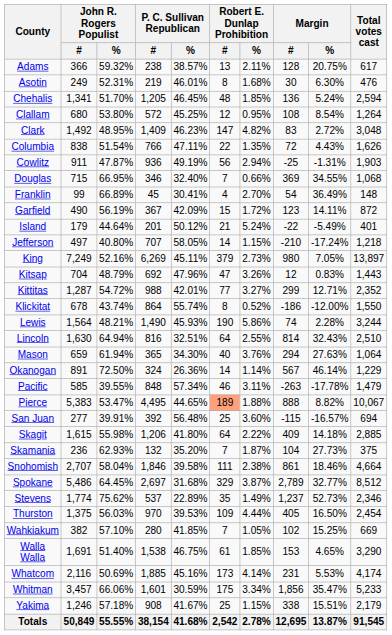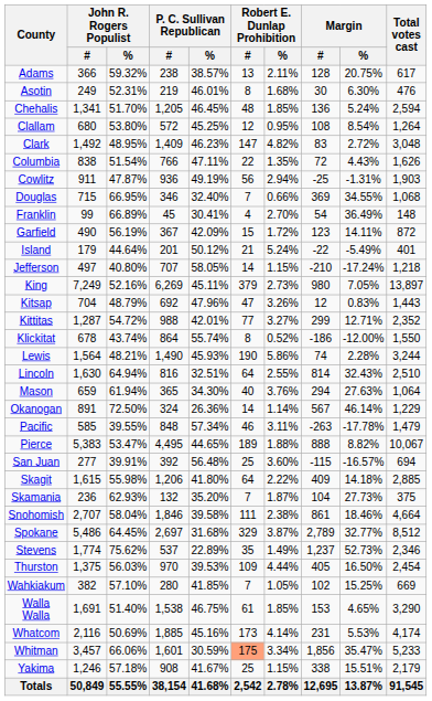 <table class="wikitable sortable">
 <tr>
 <th style="text-align:center;" rowspan="2">County</th>
 <th style="text-align:center;" colspan="2">John R. Rogers<br>Populist</th>
 <th style="text-align:center;" colspan="2">P. C. Sullivan<br>Republican</th>
 <th style="text-align:center;" colspan="2">Robert E. Dunlap<br>Prohibition</th>
 <th style="text-align:center;" colspan="2">Margin</th>
 <th style="text-align:center;" rowspan="2">Total votes cast</th>
 </tr>
 <tr bgcolor="lightgrey">
 <th style="text-align:center;" data-sort-type="number">#</th>
 <th style="text-align:center;" data-sort-type="number">%</th>
 <th style="text-align:center;" data-sort-type="number">#</th>
 <th style="text-align:center;" data-sort-type="number">%</th>
 <th style="text-align:center;" data-sort-type="number">#</th>
 <th style="text-align:center;" data-sort-type="number">%</th>
 <th style="text-align:center;" data-sort-type="number">#</th>
 <th style="text-align:center;" data-sort-type="number">%</th>
 </tr>
 <tr style="text-align:center;">
 <td><a href='#'>Adams</a></td>
 <td>366</td>
 <td>59.32%</td>
 <td>238</td>
 <td>38.57%</td>
 <td>13</td>
 <td>2.11%</td>
 <td>128</td>
 <td>20.75%</td>
 <td>617</td>
 </tr>
 <tr style="text-align:center;">
 <td><a href='#'>Asotin</a></td>
 <td>249</td>
 <td>52.31%</td>
 <td>219</td>
 <td>46.01%</td>
 <td>8</td>
 <td>1.68%</td>
 <td>30</td>
 <td>6.30%</td>
 <td>476</td>
 </tr>
 <tr style="text-align:center;">
 <td><a href='#'>Chehalis</a></td>
 <td>1,341</td>
 <td>51.70%</td>
 <td>1,205</td>
 <td>46.45%</td>
 <td>48</td>
 <td>1.85%</td>
 <td>136</td>
 <td>5.24%</td>
 <td>2,594</td>
 </tr>
 <tr style="text-align:center;">
 <td><a href='#'>Clallam</a></td>
 <td>680</td>
 <td>53.80%</td>
 <td>572</td>
 <td>45.25%</td>
 <td>12</td>
 <td>0.95%</td>
 <td>108</td>
 <td>8.54%</td>
 <td>1,264</td>
 </tr>
 <tr style="text-align:center;">
 <td><a href='#'>Clark</a></td>
 <td>1,492</td>
 <td>48.95%</td>
 <td>1,409</td>
 <td>46.23%</td>
 <td>147</td>
 <td>4.82%</td>
 <td>83</td>
 <td>2.72%</td>
 <td>3,048</td>
 </tr>
 <tr style="text-align:center;">
 <td><a href='#'>Columbia</a></td>
 <td>838</td>
 <td>51.54%</td>
 <td>766</td>
 <td>47.11%</td>
 <td>22</td>
 <td>1.35%</td>
 <td>72</td>
 <td>4.43%</td>
 <td>1,626</td>
 </tr>
 <tr style="text-align:center;">
 <td><a href='#'>Cowlitz</a></td>
 <td>911</td>
 <td>47.87%</td>
 <td>936</td>
 <td>49.19%</td>
 <td>56</td>
 <td>2.94%</td>
 <td>-25</td>
 <td>-1.31%</td>
 <td>1,903</td>
 </tr>
 <tr style="text-align:center;">
 <td><a href='#'>Douglas</a></td>
 <td>715</td>
 <td>66.95%</td>
 <td>346</td>
 <td>32.40%</td>
 <td>7</td>
 <td>0.66%</td>
 <td>369</td>
 <td>34.55%</td>
 <td>1,068</td>
 </tr>
 <tr style="text-align:center;">
 <td><a href='#'>Franklin</a></td>
 <td>99</td>
 <td>66.89%</td>
 <td>45</td>
 <td>30.41%</td>
 <td>4</td>
 <td>2.70%</td>
 <td>54</td>
 <td>36.49%</td>
 <td>148</td>
 </tr>
 <tr style="text-align:center;">
 <td><a href='#'>Garfield</a></td>
 <td>490</td>
 <td>56.19%</td>
 <td>367</td>
 <td>42.09%</td>
 <td>15</td>
 <td>1.72%</td>
 <td>123</td>
 <td>14.11%</td>
 <td>872</td>
 </tr>
 <tr style="text-align:center;">
 <td><a href='#'>Island</a></td>
 <td>179</td>
 <td>44.64%</td>
 <td>201</td>
 <td>50.12%</td>
 <td>21</td>
 <td>5.24%</td>
 <td>-22</td>
 <td>-5.49%</td>
 <td>401</td>
 </tr>
 <tr style="text-align:center;">
 <td><a href='#'>Jefferson</a></td>
 <td>497</td>
 <td>40.80%</td>
 <td>707</td>
 <td>58.05%</td>
 <td>14</td>
 <td>1.15%</td>
 <td>-210</td>
 <td>-17.24%</td>
 <td>1,218</td>
 </tr>
 <tr style="text-align:center;">
 <td><a href='#'>King</a></td>
 <td>7,249</td>
 <td>52.16%</td>
 <td>6,269</td>
 <td>45.11%</td>
 <td>379</td>
 <td>2.73%</td>
 <td>980</td>
 <td>7.05%</td>
 <td>13,897</td>
 </tr>
 <tr style="text-align:center;">
 <td><a href='#'>Kitsap</a></td>
 <td>704</td>
 <td>48.79%</td>
 <td>692</td>
 <td>47.96%</td>
 <td>47</td>
 <td>3.26%</td>
 <td>12</td>
 <td>0.83%</td>
 <td>1,443</td>
 </tr>
 <tr style="text-align:center;">
 <td><a href='#'>Kittitas</a></td>
 <td>1,287</td>
 <td>54.72%</td>
 <td>988</td>
 <td>42.01%</td>
 <td>77</td>
 <td>3.27%</td>
 <td>299</td>
 <td>12.71%</td>
 <td>2,352</td>
 </tr>
 <tr style="text-align:center;">
 <td><a href='#'>Klickitat</a></td>
 <td>678</td>
 <td>43.74%</td>
 <td>864</td>
 <td>55.74%</td>
 <td>8</td>
 <td>0.52%</td>
 <td>-186</td>
 <td>-12.00%</td>
 <td>1,550</td>
 </tr>
 <tr style="text-align:center;">
 <td><a href='#'>Lewis</a></td>
 <td>1,564</td>
 <td>48.21%</td>
 <td>1,490</td>
 <td>45.93%</td>
 <td>190</td>
 <td>5.86%</td>
 <td>74</td>
 <td>2.28%</td>
 <td>3,244</td>
 </tr>
 <tr style="text-align:center;">
 <td><a href='#'>Lincoln</a></td>
 <td>1,630</td>
 <td>64.94%</td>
 <td>816</td>
 <td>32.51%</td>
 <td>64</td>
 <td>2.55%</td>
 <td>814</td>
 <td>32.43%</td>
 <td>2,510</td>
 </tr>
 <tr style="text-align:center;">
 <td><a href='#'>Mason</a></td>
 <td>659</td>
 <td>61.94%</td>
 <td>365</td>
 <td>34.30%</td>
 <td>40</td>
 <td>3.76%</td>
 <td>294</td>
 <td>27.63%</td>
 <td>1,064</td>
 </tr>
 <tr style="text-align:center;">
 <td><a href='#'>Okanogan</a></td>
 <td>891</td>
 <td>72.50%</td>
 <td>324</td>
 <td>26.36%</td>
 <td>14</td>
 <td>1.14%</td>
 <td>567</td>
 <td>46.14%</td>
 <td>1,229</td>
 </tr>
 <tr style="text-align:center;">
 <td><a href='#'>Pacific</a></td>
 <td>585</td>
 <td>39.55%</td>
 <td>848</td>
 <td>57.34%</td>
 <td>46</td>
 <td>3.11%</td>
 <td>-263</td>
 <td>-17.78%</td>
 <td>1,479</td>
 </tr>
 <tr style="text-align:center;">
 <td><a href='#'>Pierce</a></td>
 <td>5,383</td>
 <td>53.47%</td>
 <td>4,495</td>
 <td>44.65%</td>
-<td style="background: lightsalmon;">189</td>
+<td>189</td>
 <td>1.88%</td>
 <td>888</td>
 <td>8.82%</td>
 <td>10,067</td>
 </tr>
 <tr style="text-align:center;">
 <td><a href='#'>San Juan</a></td>
 <td>277</td>
 <td>39.91%</td>
 <td>392</td>
 <td>56.48%</td>
 <td>25</td>
 <td>3.60%</td>
 <td>-115</td>
 <td>-16.57%</td>
 <td>694</td>
 </tr>
 <tr style="text-align:center;">
 <td><a href='#'>Skagit</a></td>
 <td>1,615</td>
 <td>55.98%</td>
 <td>1,206</td>
 <td>41.80%</td>
 <td>64</td>
 <td>2.22%</td>
 <td>409</td>
 <td>14.18%</td>
 <td>2,885</td>
 </tr>
 <tr style="text-align:center;">
 <td><a href='#'>Skamania</a></td>
 <td>236</td>
 <td>62.93%</td>
 <td>132</td>
 <td>35.20%</td>
 <td>7</td>
 <td>1.87%</td>
 <td>104</td>
 <td>27.73%</td>
 <td>375</td>
 </tr>
 <tr style="text-align:center;">
 <td><a href='#'>Snohomish</a></td>
 <td>2,707</td>
 <td>58.04%</td>
 <td>1,846</td>
 <td>39.58%</td>
 <td>111</td>
 <td>2.38%</td>
 <td>861</td>
 <td>18.46%</td>
 <td>4,664</td>
 </tr>
 <tr style="text-align:center;">
 <td><a href='#'>Spokane</a></td>
 <td>5,486</td>
 <td>64.45%</td>
 <td>2,697</td>
 <td>31.68%</td>
 <td>329</td>
 <td>3.87%</td>
 <td>2,789</td>
 <td>32.77%</td>
 <td>8,512</td>
 </tr>
 <tr style="text-align:center;">
 <td><a href='#'>Stevens</a></td>
 <td>1,774</td>
 <td>75.62%</td>
 <td>537</td>
 <td>22.89%</td>
 <td>35</td>
 <td>1.49%</td>
 <td>1,237</td>
 <td>52.73%</td>
 <td>2,346</td>
 </tr>
 <tr style="text-align:center;">
 <td><a href='#'>Thurston</a></td>
 <td>1,375</td>
 <td>56.03%</td>
 <td>970</td>
 <td>39.53%</td>
 <td>109</td>
 <td>4.44%</td>
 <td>405</td>
 <td>16.50%</td>
 <td>2,454</td>
 </tr>
 <tr style="text-align:center;">
 <td><a href='#'>Wahkiakum</a></td>
 <td>382</td>
 <td>57.10%</td>
 <td>280</td>
 <td>41.85%</td>
 <td>7</td>
 <td>1.05%</td>
 <td>102</td>
 <td>15.25%</td>
 <td>669</td>
 </tr>
 <tr style="text-align:center;">
 <td><a href='#'>Walla Walla</a></td>
 <td>1,691</td>
 <td>51.40%</td>
 <td>1,538</td>
 <td>46.75%</td>
 <td>61</td>
 <td>1.85%</td>
 <td>153</td>
 <td>4.65%</td>
 <td>3,290</td>
 </tr>
 <tr style="text-align:center;">
 <td><a href='#'>Whatcom</a></td>
 <td>2,116</td>
 <td>50.69%</td>
 <td>1,885</td>
 <td>45.16%</td>
 <td>173</td>
 <td>4.14%</td>
 <td>231</td>
 <td>5.53%</td>
 <td>4,174</td>
 </tr>
 <tr style="text-align:center;">
 <td><a href='#'>Whitman</a></td>
 <td>3,457</td>
 <td>66.06%</td>
 <td>1,601</td>
 <td>30.59%</td>
-<td>175</td>
+<td style="background: lightsalmon;">175</td>
 <td>3.34%</td>
 <td>1,856</td>
 <td>35.47%</td>
 <td>5,233</td>
 </tr>
 <tr style="text-align:center;">
 <td><a href='#'>Yakima</a></td>
 <td>1,246</td>
 <td>57.18%</td>
 <td>908</td>
 <td>41.67%</td>
 <td>25</td>
 <td>1.15%</td>
 <td>338</td>
 <td>15.51%</td>
 <td>2,179</td>
 </tr>
 <tr>
 <th>Totals</th>
 <th>50,849</th>
 <th>55.55%</th>
 <th>38,154</th>
 <th>41.68%</th>
 <th>2,542</th>
 <th>2.78%</th>
 <th>12,695</th>
 <th>13.87%</th>
 <th>91,545</th>
 </tr>
 </table>
